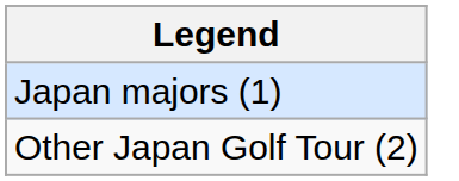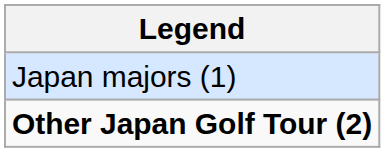 <table class="wikitable" style="font-size:95%;">
 <tr>
 <th>Legend</th>
 </tr>
 <tr style="background:#D6E8FF;">
 <td>Japan majors (1)</td>
 </tr>
 <tr>
-<td>Other Japan Golf Tour (2)</td>
+<td><strong>Other Japan Golf Tour (2)</strong></td>
 </tr>
 </table>
